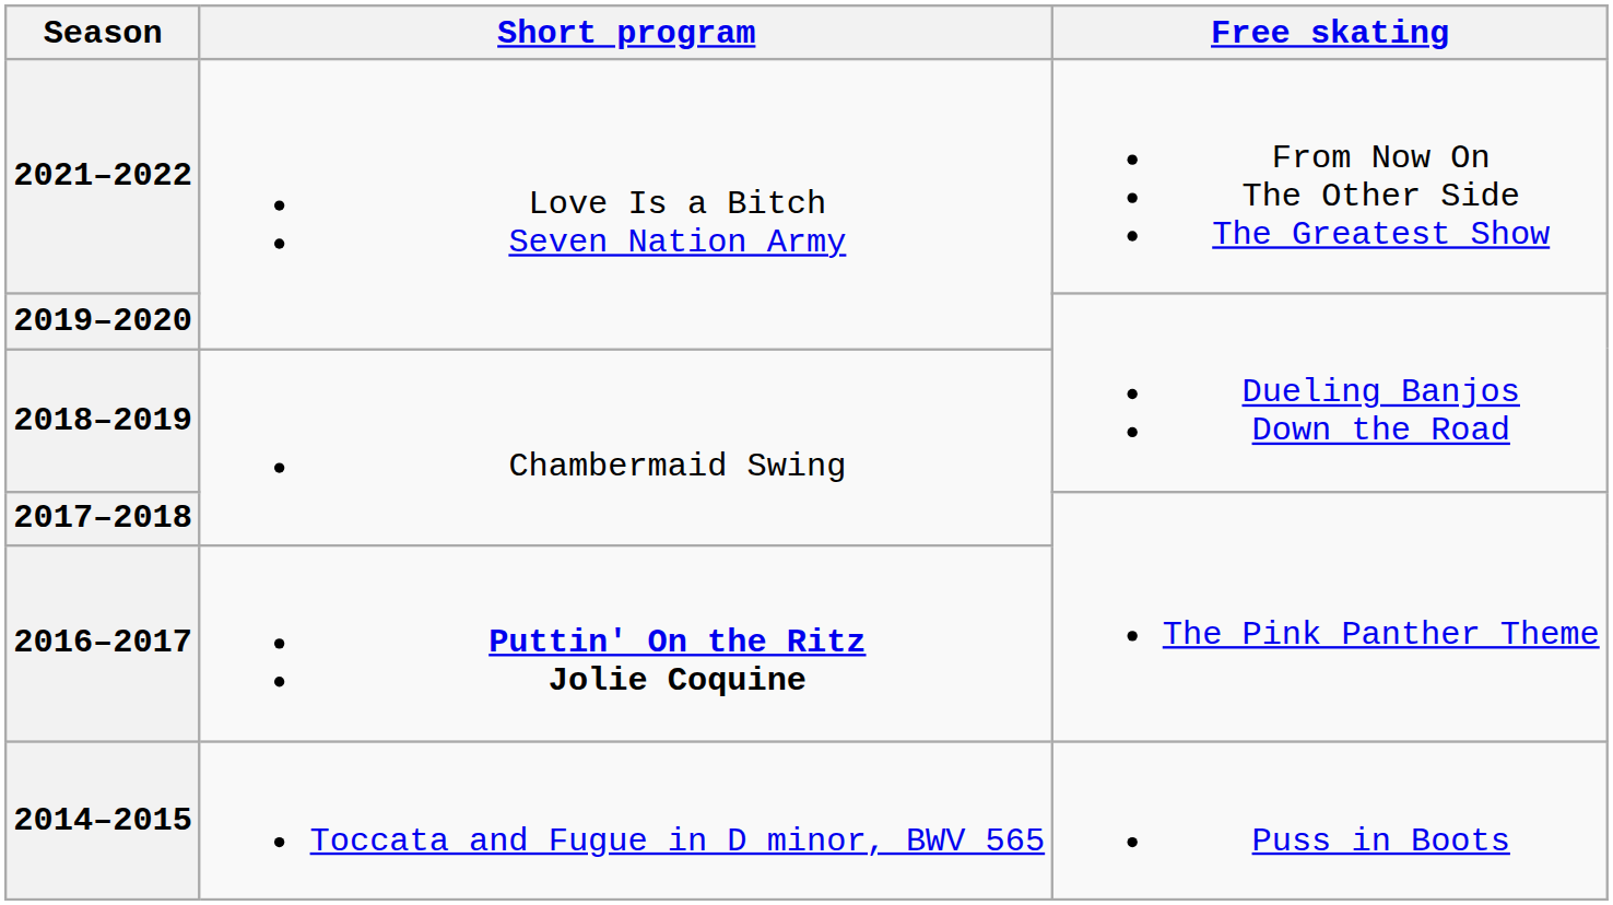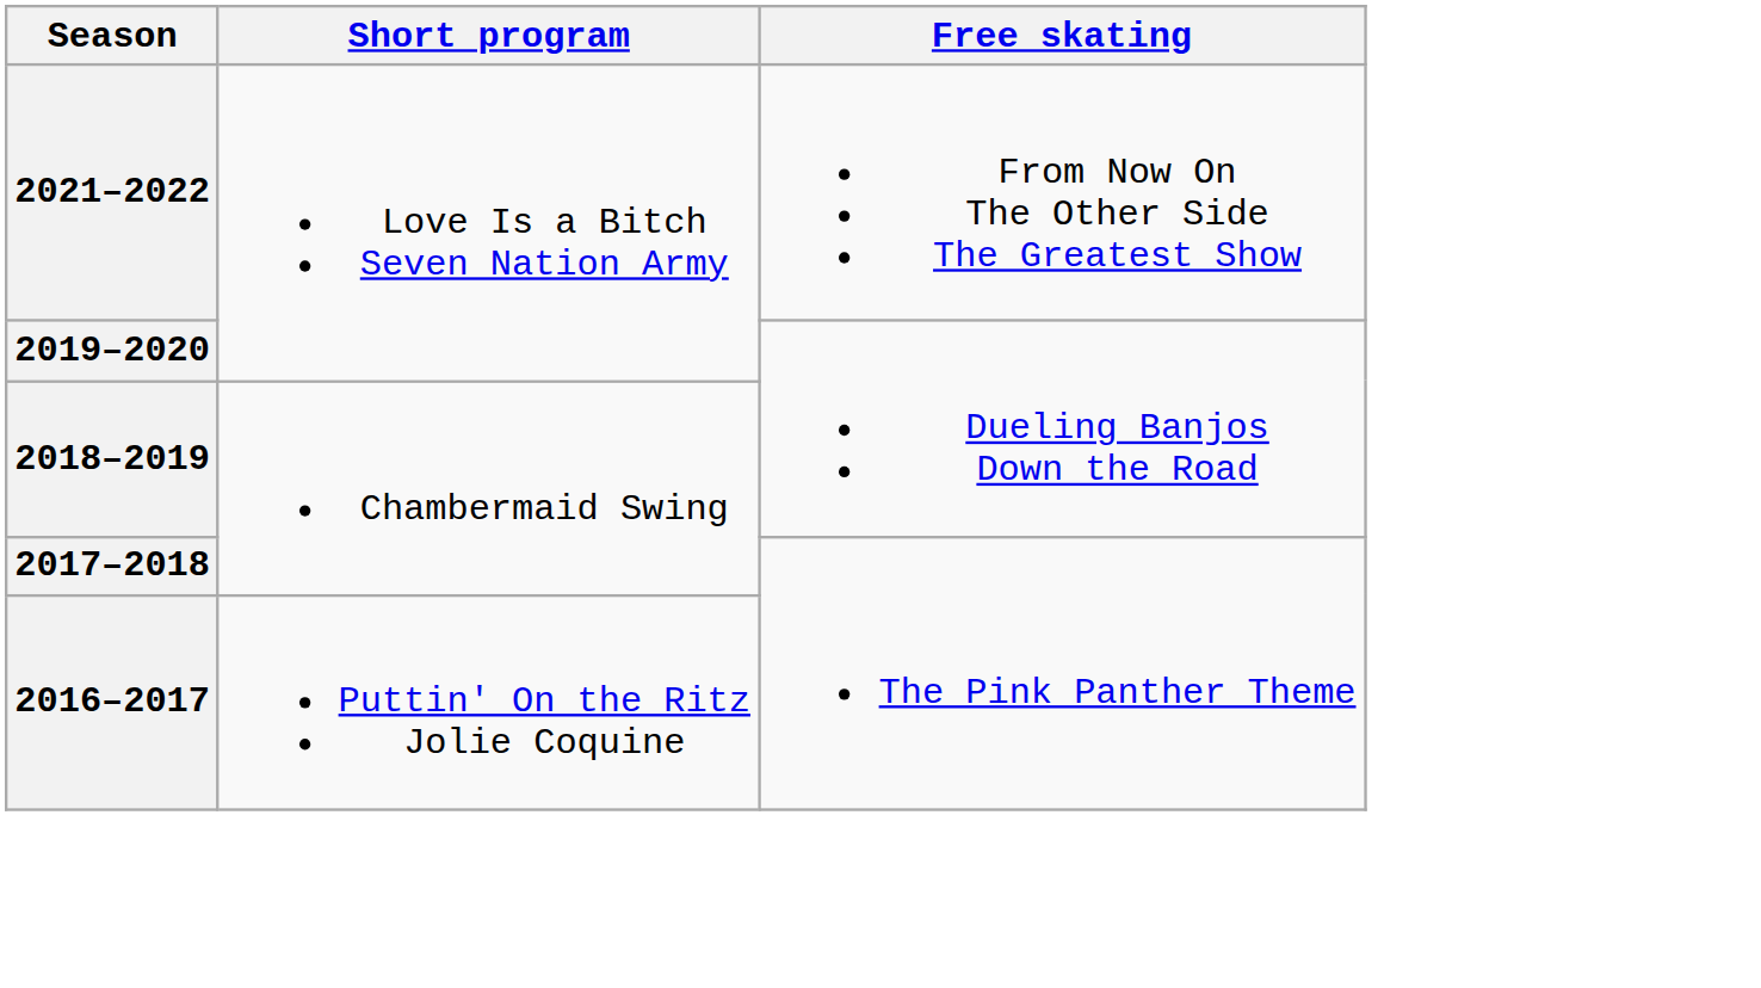 <table class=wikitable style=text-align:center>
 <tr>
 <th>Season</th>
 <th><a href='#'>Short program</a></th>
 <th><a href='#'>Free skating</a></th>
 </tr>
 <tr>
 <th>2021–2022 <br> </th>
 <td rowspan="2"><br><ul><li>Love Is a Bitch <br></li><li><a href='#'>Seven Nation Army</a> <br></li></ul></td>
 <td><br><ul><li>From Now On <br></li><li>The Other Side <br></li><li><a href='#'>The Greatest Show</a> <br> </li></ul></td>
 </tr>
 <tr>
 <th>2019–2020 <br> </th>
 <td rowspan="2"><br><ul><li><a href='#'>Dueling Banjos</a> <br></li><li><a href='#'>Down the Road</a> <br></li></ul></td>
 </tr>
 <tr>
 <th>2018–2019 <br> </th>
 <td rowspan="2"><br><ul><li>Chambermaid Swing <br></li></ul></td>
 </tr>
 <tr>
 <th>2017–2018 <br> </th>
 <td rowspan="2"><br><ul><li><a href='#'>The Pink Panther Theme</a> <br></li></ul></td>
 </tr>
 <tr>
 <th>2016–2017 <br> </th>
-<td><strong><br><ul><li><a href='#'>Puttin' On the Ritz</a> <br></li><li>Jolie Coquine <br></li></ul></strong></td>
-</tr>
-<tr>
-<th>2014–2015 <br> </th>
-<td><br><ul><li><a href='#'>Toccata and Fugue in D minor, BWV 565</a> <br></li></ul></td>
-<td><br><ul><li><a href='#'>Puss in Boots</a> <br></li></ul></td>
+<td><br><ul><li><a href='#'>Puttin' On the Ritz</a> <br></li><li>Jolie Coquine <br></li></ul></td>
 </tr>
 </table>
